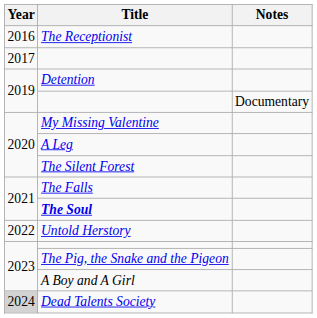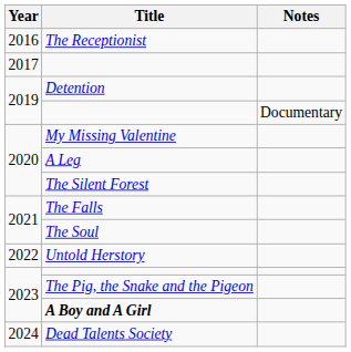 <table class="wikitable">
 <tr>
 <th>Year</th>
 <th>Title</th>
 <th>Notes</th>
 </tr>
 <tr>
 <td>2016</td>
 <td><em><a href='#'>The Receptionist</a></em></td>
 <td></td>
 </tr>
 <tr>
 <td>2017</td>
 <td><em></em></td>
 <td></td>
 </tr>
 <tr>
 <td rowspan="2">2019</td>
 <td><em><a href='#'>Detention</a></em></td>
 <td></td>
 </tr>
 <tr>
 <td><em></em></td>
 <td>Documentary</td>
 </tr>
 <tr>
 <td rowspan="3">2020</td>
 <td><em><a href='#'>My Missing Valentine</a></em></td>
 <td></td>
 </tr>
 <tr>
 <td><em><a href='#'>A Leg</a></em></td>
 <td></td>
 </tr>
 <tr>
 <td><em><a href='#'>The Silent Forest</a></em></td>
 <td></td>
 </tr>
 <tr>
 <td rowspan="2">2021</td>
 <td><em><a href='#'>The Falls</a></em></td>
 <td></td>
 </tr>
 <tr>
-<td><strong><em><a href='#'>The Soul</a></em></strong></td>
+<td><em><a href='#'>The Soul</a></em></td>
 <td></td>
 </tr>
 <tr>
 <td>2022</td>
 <td><em><a href='#'>Untold Herstory</a></em></td>
 <td></td>
 </tr>
 <tr>
 <td rowspan="3">2023</td>
 <td><em></em></td>
 <td></td>
 </tr>
 <tr>
 <td><em><a href='#'>The Pig, the Snake and the Pigeon</a></em></td>
 <td></td>
 </tr>
 <tr>
-<td><em>A Boy and A Girl</em></td>
+<td><strong><em>A Boy and A Girl</em></strong></td>
 <td></td>
 </tr>
 <tr>
-<td style="background: lightgrey;">2024</td>
+<td>2024</td>
 <td><em><a href='#'>Dead Talents Society</a></em></td>
 <td></td>
 </tr>
 </table>
